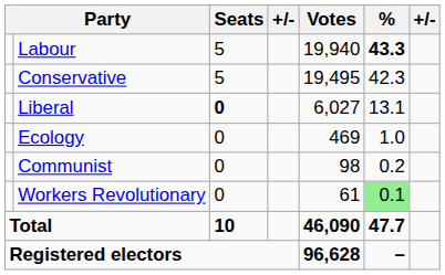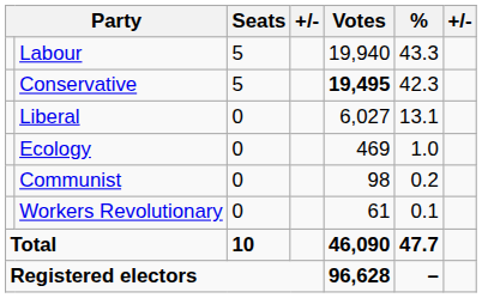 <table class="wikitable sortable">
 <tr>
 <th colspan="2">Party</th>
 <th>Seats</th>
 <th>+/-</th>
 <th>Votes</th>
 <th>%</th>
 <th>+/-</th>
 </tr>
 <tr>
 <td style="background-color: "></td>
 <td><a href='#'>Labour</a></td>
 <td>5</td>
 <td></td>
 <td style="text-align:right;">19,940</td>
-<td style="text-align:right;"><strong>43.3</strong></td>
+<td style="text-align:right;">43.3</td>
 <td style="text-align:right;"></td>
 </tr>
 <tr>
 <td style="background-color: "></td>
 <td><a href='#'>Conservative</a></td>
 <td>5</td>
 <td></td>
-<td style="text-align:right;">19,495</td>
+<td style="text-align:right;"><strong>19,495</strong></td>
 <td style="text-align:right;">42.3</td>
 <td style="text-align:right;"></td>
 </tr>
 <tr>
 <td style="background-color: "></td>
 <td><a href='#'>Liberal</a></td>
-<td><strong>0</strong></td>
+<td>0</td>
 <td></td>
 <td style="text-align:right;">6,027</td>
 <td style="text-align:right;">13.1</td>
 <td style="text-align:right;"></td>
 </tr>
 <tr>
 <td style="background-color: "></td>
 <td><a href='#'>Ecology</a></td>
 <td>0</td>
 <td></td>
 <td style="text-align:right;">469</td>
 <td style="text-align:right;">1.0</td>
 <td style="text-align:right;"></td>
 </tr>
 <tr>
 <td style="background-color: "></td>
 <td><a href='#'>Communist</a></td>
 <td>0</td>
 <td></td>
 <td style="text-align:right;">98</td>
 <td style="text-align:right;">0.2</td>
 <td style="text-align:right;"></td>
 </tr>
 <tr>
 <td style="background-color: "></td>
 <td><a href='#'>Workers Revolutionary</a></td>
 <td>0</td>
 <td></td>
 <td style="text-align:right;">61</td>
-<td style="background: lightgreen; text-align:right;">0.1</td>
+<td style="text-align:right;">0.1</td>
 <td style="text-align:right;"></td>
 </tr>
 <tr>
 <td colspan="2"><strong>Total</strong></td>
 <td><strong>10</strong></td>
 <td></td>
 <td style="text-align:right;"><strong>46,090</strong></td>
 <td style="text-align:right;"><strong>47.7</strong></td>
 <td style="text-align:right;"></td>
 </tr>
 <tr>
 <td colspan="4"><strong>Registered electors</strong></td>
 <td style="text-align:right;"><strong>96,628</strong></td>
 <td style="text-align:right;"><strong>–</strong></td>
 <td style="text-align:right;"></td>
 </tr>
 </table>
